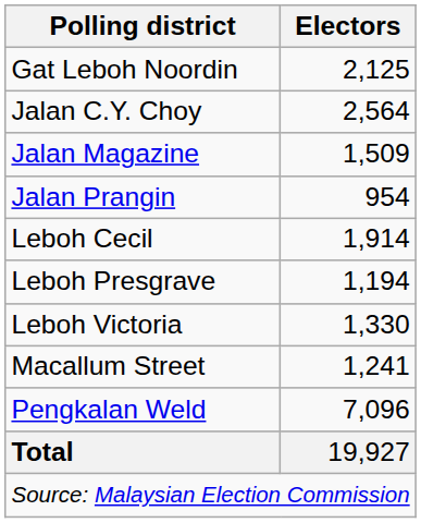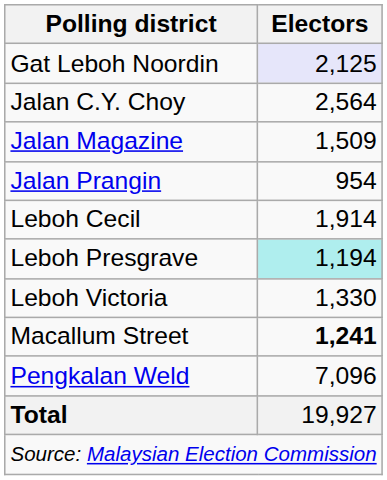 <table class="wikitable sortable">
 <tr>
 <th>Polling district</th>
 <th>Electors</th>
 </tr>
 <tr>
 <td>Gat Leboh Noordin</td>
-<td align="right">2,125</td>
+<td align="right" style="background: lavender;">2,125</td>
 </tr>
 <tr>
 <td>Jalan C.Y. Choy</td>
 <td align="right">2,564</td>
 </tr>
 <tr>
 <td><a href='#'>Jalan Magazine</a></td>
 <td align="right">1,509</td>
 </tr>
 <tr>
 <td><a href='#'>Jalan Prangin</a></td>
 <td align="right">954</td>
 </tr>
 <tr>
 <td>Leboh Cecil</td>
 <td align="right">1,914</td>
 </tr>
 <tr>
 <td>Leboh Presgrave</td>
-<td align="right">1,194</td>
+<td align="right" style="background: paleturquoise;">1,194</td>
 </tr>
 <tr>
 <td>Leboh Victoria</td>
 <td align="right">1,330</td>
 </tr>
 <tr>
 <td>Macallum Street</td>
-<td align="right">1,241</td>
+<td align="right"><strong>1,241</strong></td>
 </tr>
 <tr>
 <td><a href='#'>Pengkalan Weld</a></td>
 <td align="right">7,096</td>
 </tr>
 <tr>
 <td style="background: #f2f2f2"><strong>Total</strong></td>
 <td style="background: #f2f2f2" align="right">19,927</td>
 </tr>
 <tr>
 <td colspan="2"  align="right"><small><em>Source: <a href='#'>Malaysian Election Commission</a></em></small></td>
 </tr>
 </table>
